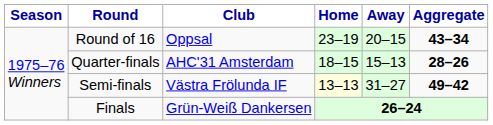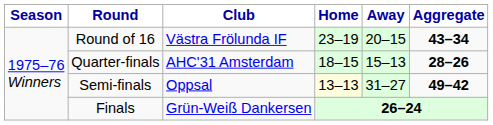 <table class="wikitable">
 <tr>
 <th style="color:#0000A0; background:#FFFFFF">Season</th>
 <th style="color:#0000A0; background:#FFFFFF">Round</th>
 <th style="color:#0000A0; background:#FFFFFF">Club</th>
 <th style="color:#0000A0; background:#FFFFFF">Home</th>
 <th style="color:#0000A0; background:#FFFFFF">Away</th>
 <th style="color:#0000A0; background:#FFFFFF">Aggregate</th>
 </tr>
 <tr>
 <td rowspan=4><a href='#'>1975–76</a><br> <em>Winners</em></td>
 <td align=center>Round of 16</td>
-<td> <a href='#'>Oppsal</a></td>
+<td> <a href='#'>Västra Frölunda IF</a></td>
 <td style="text-align:center; background:#dfd;">23–19</td>
 <td style="text-align:center; background:#dfd;">20–15</td>
 <td style="text-align:center;"><strong>43–34</strong></td>
 </tr>
 <tr>
 <td align=center>Quarter-finals</td>
 <td> <a href='#'>AHC'31 Amsterdam</a></td>
 <td style="text-align:center; background:#dfd;">18–15</td>
 <td style="text-align:center; background:#dfd;">15–13</td>
 <td style="text-align:center;"><strong>28–26</strong></td>
 </tr>
 <tr>
 <td align=center>Semi-finals</td>
-<td> <a href='#'>Västra Frölunda IF</a></td>
+<td> <a href='#'>Oppsal</a></td>
 <td style="text-align:center; background:#ffd;">13–13</td>
 <td style="text-align:center; background:#dfd;">31–27</td>
 <td style="text-align:center;"><strong>49–42</strong></td>
 </tr>
 <tr>
 <td align=center>Finals</td>
 <td> <a href='#'>Grün-Weiß Dankersen</a></td>
 <td colspan=3; style="text-align:center; background:#dfd;"><strong>26–24</strong></td>
 </tr>
 </table>
